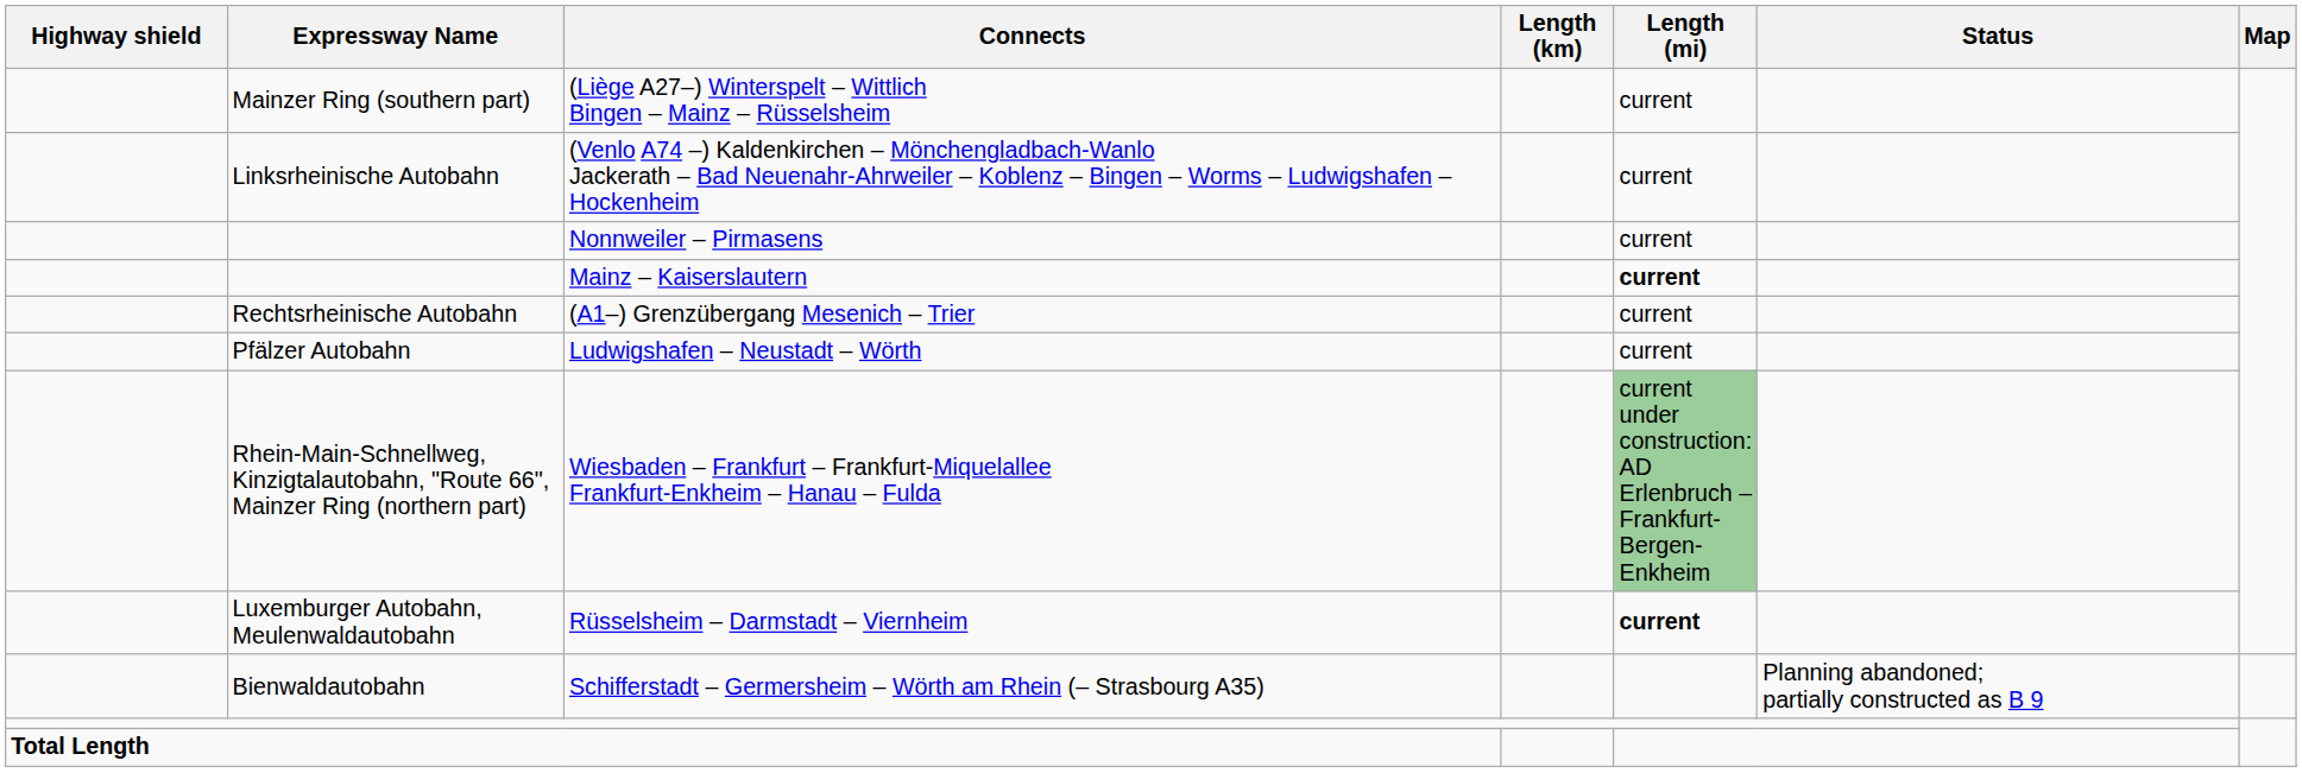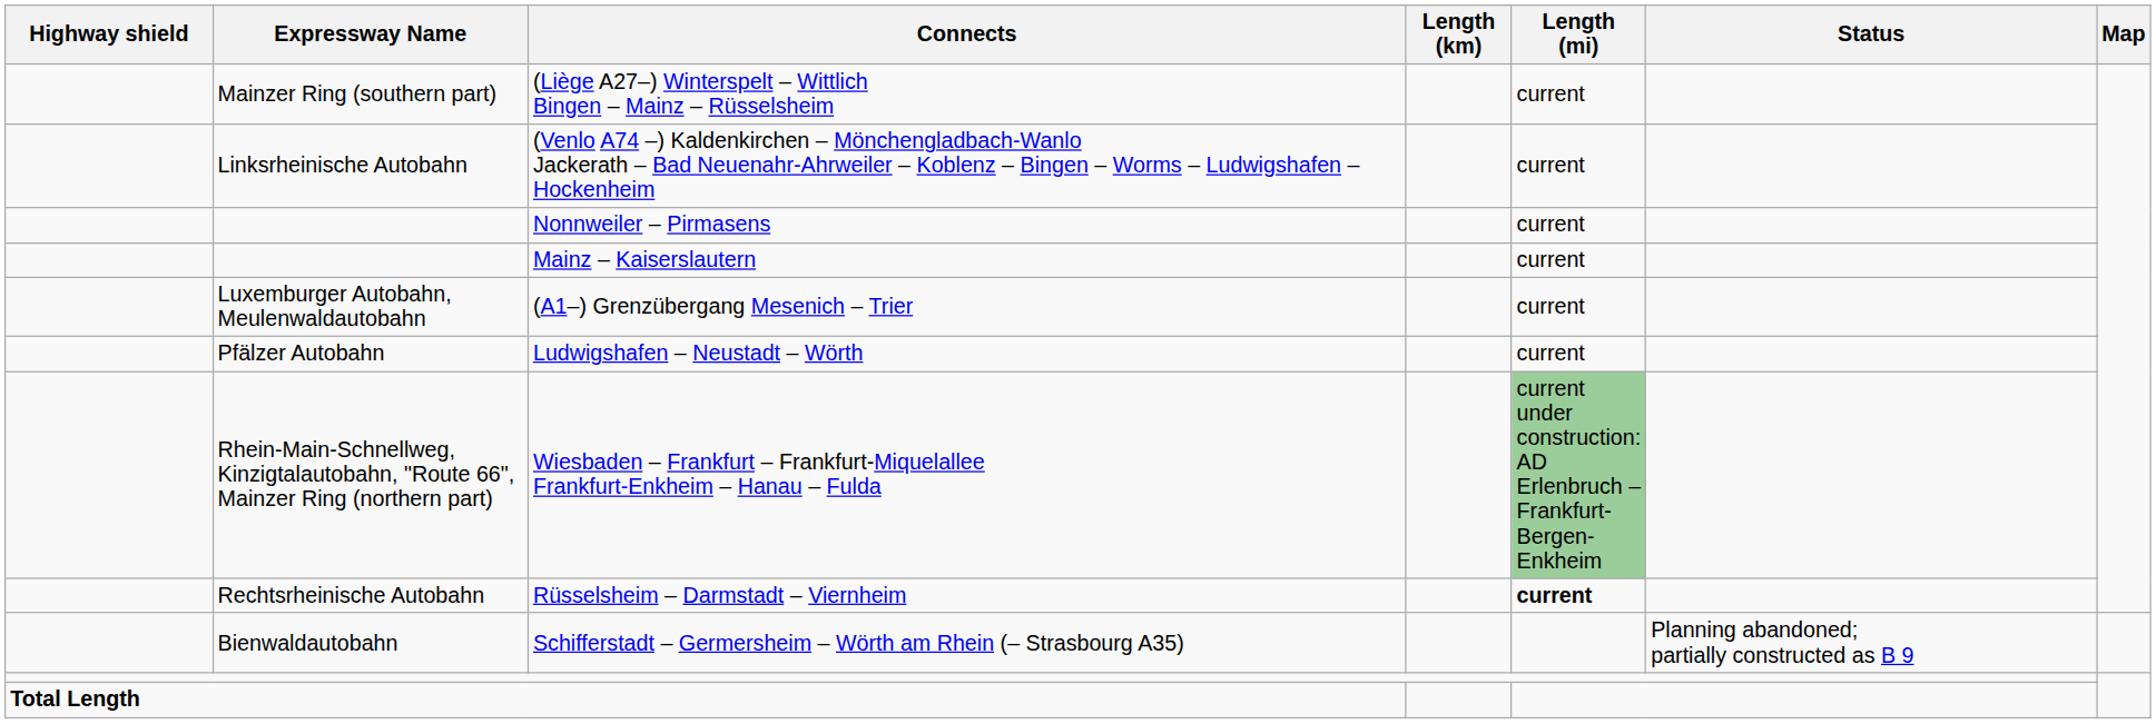 <table class="wikitable">
 <tr>
 <th style="width:10%;">Highway shield</th>
 <th style="width:15%;">Expressway Name</th>
 <th style="width:43%;">Connects</th>
 <th style="width:5%;">Length<br>(km)</th>
 <th style="width:5%;">Length<br>(mi)</th>
 <th style="width:25%;">Status</th>
 <th style="width:100px;">Map</th>
 </tr>
 <tr>
 <td></td>
 <td>Mainzer Ring (southern part)</td>
 <td>(<a href='#'>Liège</a> A27–) <a href='#'>Winterspelt</a> – <a href='#'>Wittlich</a><br><a href='#'>Bingen</a> – <a href='#'>Mainz</a> – <a href='#'>Rüsselsheim</a></td>
 <td></td>
 <td>current</td>
 <td></td>
 </tr>
 <tr>
 <td></td>
 <td>Linksrheinische Autobahn</td>
 <td>(<a href='#'>Venlo</a>  <a href='#'>A74</a> –) Kaldenkirchen – <a href='#'>Mönchengladbach-Wanlo</a><br>Jackerath – <a href='#'>Bad Neuenahr-Ahrweiler</a> – <a href='#'>Koblenz</a> – <a href='#'>Bingen</a> – <a href='#'>Worms</a> – <a href='#'>Ludwigshafen</a> – <a href='#'>Hockenheim</a></td>
 <td></td>
 <td>current</td>
 <td></td>
 </tr>
 <tr>
 <td></td>
 <td></td>
 <td><a href='#'>Nonnweiler</a> – <a href='#'>Pirmasens</a></td>
 <td></td>
 <td>current</td>
 <td></td>
 </tr>
 <tr>
 <td></td>
 <td></td>
 <td><a href='#'>Mainz</a> – <a href='#'>Kaiserslautern</a></td>
 <td></td>
-<td><strong>current</strong></td>
+<td>current</td>
 <td></td>
 </tr>
 <tr>
 <td></td>
-<td>Rechtsrheinische Autobahn</td>
+<td>Luxemburger Autobahn, Meulenwaldautobahn</td>
 <td>(<a href='#'>A1</a>–) Grenzübergang <a href='#'>Mesenich</a> – <a href='#'>Trier</a></td>
 <td></td>
 <td>current</td>
 <td></td>
 </tr>
 <tr>
 <td></td>
 <td>Pfälzer Autobahn</td>
 <td><a href='#'>Ludwigshafen</a> – <a href='#'>Neustadt</a> – <a href='#'>Wörth</a></td>
 <td></td>
 <td>current</td>
 <td></td>
 </tr>
 <tr>
 <td></td>
 <td>Rhein-Main-Schnellweg, Kinzigtalautobahn, "Route 66", Mainzer Ring (northern part)</td>
 <td><a href='#'>Wiesbaden</a> – <a href='#'>Frankfurt</a> – Frankfurt-<a href='#'>Miquelallee</a><br><a href='#'>Frankfurt-Enkheim</a> – <a href='#'>Hanau</a> – <a href='#'>Fulda</a></td>
 <td></td>
 <td style="background-color:#9BCD9B">current<br>under construction: AD Erlenbruch – Frankfurt-Bergen-Enkheim</td>
 <td></td>
 </tr>
 <tr>
 <td></td>
-<td>Luxemburger Autobahn, Meulenwaldautobahn</td>
+<td>Rechtsrheinische Autobahn</td>
 <td><a href='#'>Rüsselsheim</a> – <a href='#'>Darmstadt</a> – <a href='#'>Viernheim</a></td>
 <td></td>
 <td><strong>current</strong></td>
 <td></td>
 </tr>
 <tr>
 <td></td>
 <td>Bienwaldautobahn</td>
 <td><a href='#'>Schifferstadt</a> – <a href='#'>Germersheim</a> – <a href='#'>Wörth am Rhein</a> (– Strasbourg A35)</td>
 <td></td>
 <td></td>
 <td>Planning abandoned;<br>partially constructed as <a href='#'>B 9</a></td>
 <td></td>
 </tr>
 <tr>
 <td colspan="6"></td>
 </tr>
 <tr style="font-weight:bold;">
 <td colspan="3">Total Length</td>
 <td></td>
 <td colspan="2"></td>
 </tr>
 </table>
